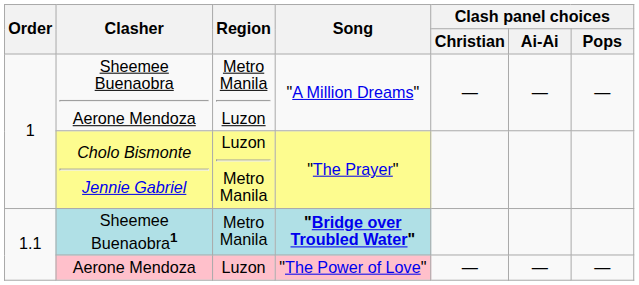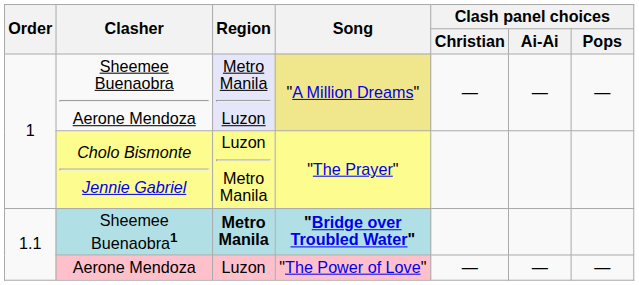 <table class="wikitable" style="text-align:center; line-height:17px; width:100%;">
 <tr>
 <th rowspan="2" width="5%">Order</th>
 <th rowspan="2" width="25%">Clasher</th>
 <th rowspan="2">Region</th>
 <th rowspan="2" width="25%">Song</th>
 <th colspan="3" width="30%">Clash panel choices</th>
 </tr>
 <tr>
 <th width="10%">Christian</th>
 <th width="10%">Ai-Ai</th>
 <th width="10%">Pops</th>
 </tr>
 <tr>
 <td rowspan="2">1</td>
 <td><u>Sheemee Buenaobra</u><hr><u>Aerone Mendoza</u></td>
-<td><u>Metro Manila</u><hr> <u>Luzon</u></td>
-<td>"<a href='#'>A Million Dreams</a>"</td>
+<td style="background: lavender;"><u>Metro Manila</u><hr> <u>Luzon</u></td>
+<td style="background: khaki;">"<a href='#'>A Million Dreams</a>"</td>
 <td>—</td>
 <td>—</td>
 <td>—</td>
 </tr>
 <tr>
 <td style="background:#fdfc8f;"><em>Cholo Bismonte</em><hr><em><a href='#'>Jennie Gabriel</a></em></td>
 <td style="background:#fdfc8f;">Luzon<hr>Metro Manila</td>
 <td style="background:#fdfc8f;">"<a href='#'>The Prayer</a>"</td>
 <td><strong></strong></td>
 <td><strong></strong></td>
 <td><strong></strong></td>
 </tr>
 <tr>
 <td rowspan="2">1.1</td>
 <td style="background:#b0e0e6;">Sheemee Buenaobra<sup><strong>1</strong></sup></td>
-<td style="background:#b0e0e6;">Metro Manila</td>
+<td style="background:#b0e0e6;"><strong>Metro Manila</strong></td>
 <td style="background:#b0e0e6;"><strong>"<a href='#'>Bridge over Troubled Water</a>"</strong></td>
 <td><strong></strong></td>
 <td><strong></strong></td>
 <td><strong></strong></td>
 </tr>
 <tr>
 <td style="background:pink;">Aerone Mendoza</td>
 <td style="background:pink;">Luzon</td>
 <td style="background:pink;">"<a href='#'>The Power of Love</a>"</td>
 <td>—</td>
 <td>—</td>
 <td>—</td>
 </tr>
 </table>
